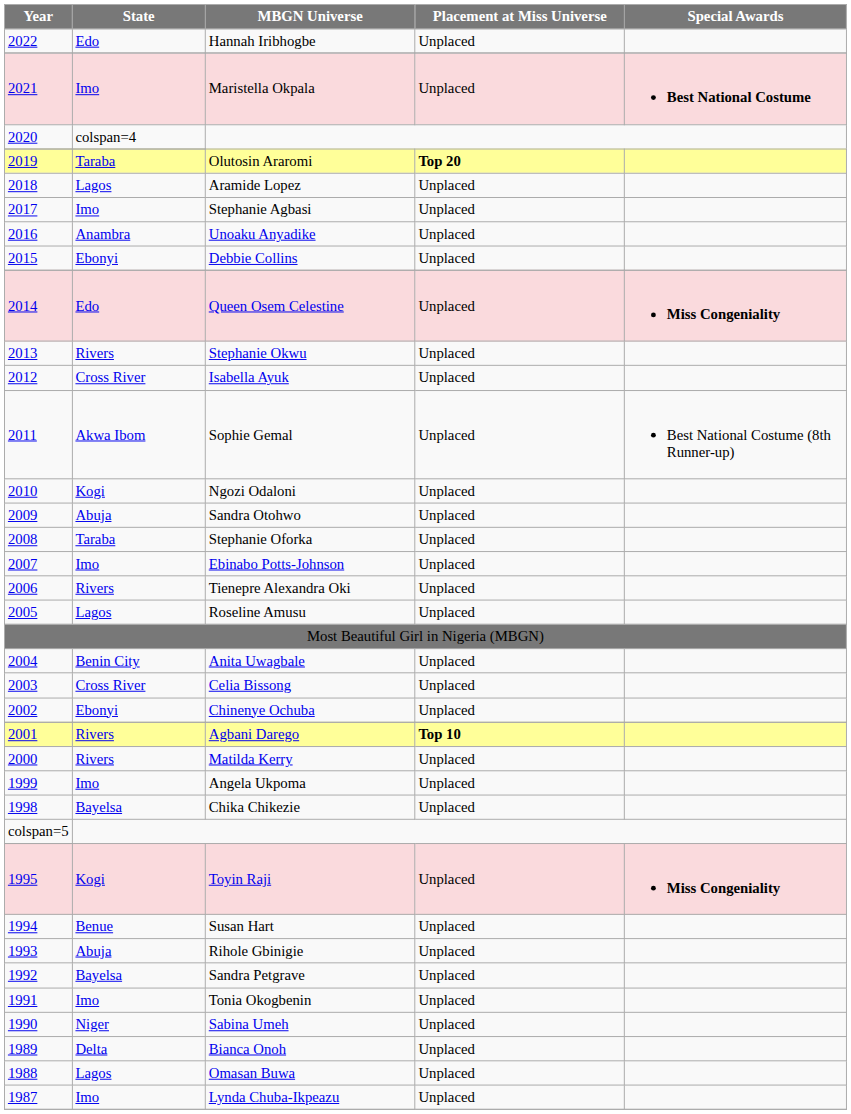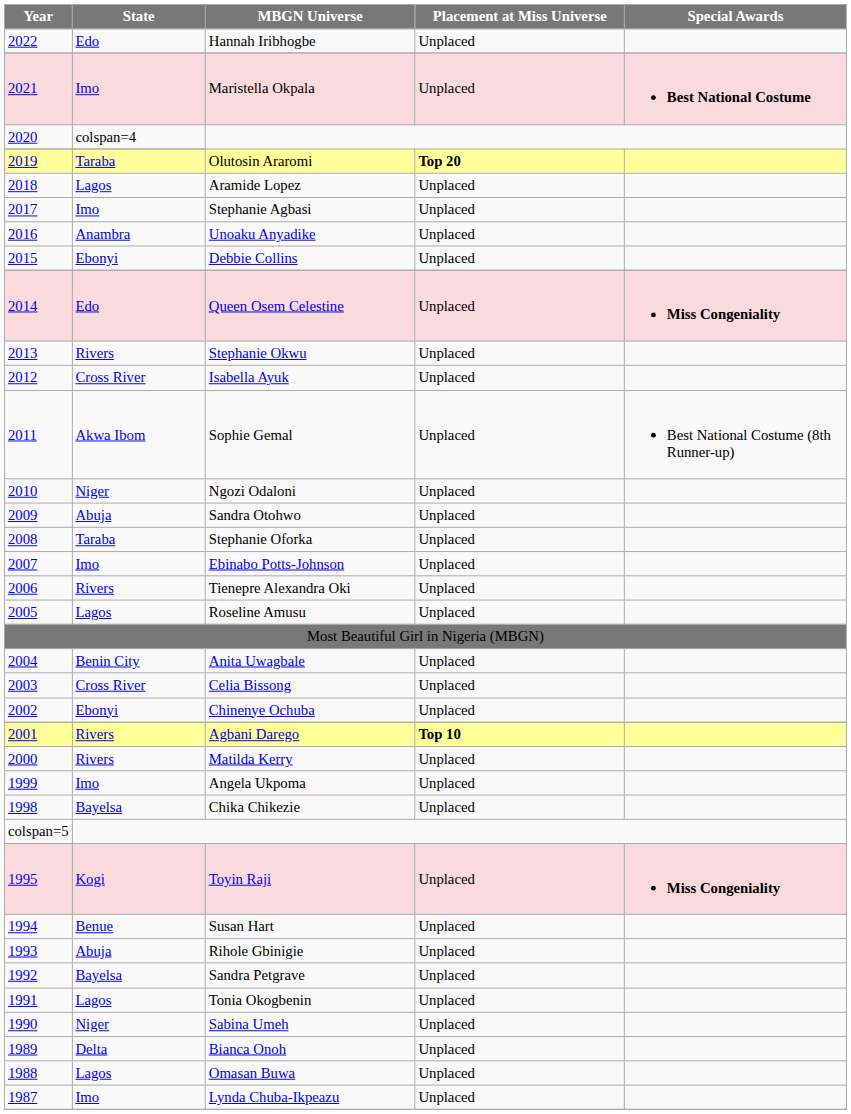 <table class="wikitable " style="font-size: 95%;">
 <tr>
 <th width="60" style="background-color:#787878;color:#FFFFFF;">Year</th>
 <th width="150" style="background-color:#787878;color:#FFFFFF;">State</th>
 <th width="250" style="background-color:#787878;color:#FFFFFF;">MBGN Universe</th>
 <th width="250" style="background-color:#787878;color:#FFFFFF;">Placement at Miss Universe</th>
 <th width="250" style="background-color:#787878;color:#FFFFFF;">Special Awards</th>
 </tr>
 <tr>
 <td><a href='#'>2022</a></td>
 <td><a href='#'>Edo</a></td>
 <td>Hannah Iribhogbe</td>
 <td>Unplaced</td>
 <td></td>
 </tr>
 <tr>
 </tr>
 <tr style="background-color:#FADADD;">
 <td><a href='#'>2021</a></td>
 <td><a href='#'>Imo</a></td>
 <td>Maristella Okpala</td>
 <td>Unplaced</td>
 <td align="left"><br><ul><li><strong>Best National Costume</strong></li></ul></td>
 </tr>
 <tr>
 <td><a href='#'>2020</a></td>
 <td>colspan=4 </td>
 </tr>
 <tr>
 </tr>
 <tr style="background-color:#FFFF99;">
 <td><a href='#'>2019</a></td>
 <td><a href='#'>Taraba</a></td>
 <td>Olutosin Araromi</td>
 <td><strong>Top 20</strong></td>
 <td></td>
 </tr>
 <tr>
 <td><a href='#'>2018</a></td>
 <td><a href='#'>Lagos</a></td>
 <td>Aramide Lopez</td>
 <td>Unplaced</td>
 <td></td>
 </tr>
 <tr>
 <td><a href='#'>2017</a></td>
 <td><a href='#'>Imo</a></td>
 <td>Stephanie Agbasi</td>
 <td>Unplaced</td>
 <td></td>
 </tr>
 <tr>
 <td><a href='#'>2016</a></td>
 <td><a href='#'>Anambra</a></td>
 <td><a href='#'>Unoaku Anyadike</a></td>
 <td>Unplaced</td>
 <td></td>
 </tr>
 <tr>
 <td><a href='#'>2015</a></td>
 <td><a href='#'>Ebonyi</a></td>
 <td><a href='#'>Debbie Collins</a></td>
 <td>Unplaced</td>
 <td></td>
 </tr>
 <tr>
 </tr>
 <tr style="background-color:#FADADD;">
 <td><a href='#'>2014</a></td>
 <td><a href='#'>Edo</a></td>
 <td><a href='#'>Queen Osem Celestine</a></td>
 <td>Unplaced</td>
 <td align="left"><br><ul><li><strong>Miss Congeniality</strong></li></ul></td>
 </tr>
 <tr>
 <td><a href='#'>2013</a></td>
 <td><a href='#'>Rivers</a></td>
 <td><a href='#'>Stephanie Okwu</a></td>
 <td>Unplaced</td>
 <td></td>
 </tr>
 <tr>
 <td><a href='#'>2012</a></td>
 <td><a href='#'>Cross River</a></td>
 <td><a href='#'>Isabella Ayuk</a></td>
 <td>Unplaced</td>
 <td></td>
 </tr>
 <tr>
 <td><a href='#'>2011</a></td>
 <td><a href='#'>Akwa Ibom</a></td>
 <td>Sophie Gemal</td>
 <td>Unplaced</td>
 <td align="left"><br><ul><li>Best National Costume (8th Runner-up)</li></ul></td>
 </tr>
 <tr>
 <td><a href='#'>2010</a></td>
-<td><a href='#'>Kogi</a></td>
+<td><a href='#'>Niger</a></td>
 <td>Ngozi Odaloni</td>
 <td>Unplaced</td>
 <td></td>
 </tr>
 <tr>
 <td><a href='#'>2009</a></td>
 <td><a href='#'>Abuja</a></td>
 <td>Sandra Otohwo</td>
 <td>Unplaced</td>
 <td></td>
 </tr>
 <tr>
 <td><a href='#'>2008</a></td>
 <td><a href='#'>Taraba</a></td>
 <td>Stephanie Oforka</td>
 <td>Unplaced</td>
 <td></td>
 </tr>
 <tr>
 <td><a href='#'>2007</a></td>
 <td><a href='#'>Imo</a></td>
 <td><a href='#'>Ebinabo Potts-Johnson</a></td>
 <td>Unplaced</td>
 <td></td>
 </tr>
 <tr>
 <td><a href='#'>2006</a></td>
 <td><a href='#'>Rivers</a></td>
 <td>Tienepre Alexandra Oki</td>
 <td>Unplaced</td>
 <td></td>
 </tr>
 <tr>
 <td><a href='#'>2005</a></td>
 <td><a href='#'>Lagos</a></td>
 <td>Roseline Amusu</td>
 <td>Unplaced</td>
 <td></td>
 </tr>
 <tr>
 </tr>
 <tr bgcolor="#787878" align="center">
 <td colspan="5"><span>Most Beautiful Girl in Nigeria (MBGN)</span></td>
 </tr>
 <tr>
 <td><a href='#'>2004</a></td>
 <td><a href='#'>Benin City</a></td>
 <td><a href='#'>Anita Uwagbale</a></td>
 <td>Unplaced</td>
 <td></td>
 </tr>
 <tr>
 <td><a href='#'>2003</a></td>
 <td><a href='#'>Cross River</a></td>
 <td><a href='#'>Celia Bissong</a></td>
 <td>Unplaced</td>
 <td></td>
 </tr>
 <tr>
 <td><a href='#'>2002</a></td>
 <td><a href='#'>Ebonyi</a></td>
 <td><a href='#'>Chinenye Ochuba</a></td>
 <td>Unplaced</td>
 <td></td>
 </tr>
 <tr>
 </tr>
 <tr style="background-color:#FFFF99;">
 <td><a href='#'>2001</a></td>
 <td><a href='#'>Rivers</a></td>
 <td><a href='#'>Agbani Darego</a></td>
 <td><strong>Top 10</strong></td>
 <td></td>
 </tr>
 <tr>
 <td><a href='#'>2000</a></td>
 <td><a href='#'>Rivers</a></td>
 <td><a href='#'>Matilda Kerry</a></td>
 <td>Unplaced</td>
 <td></td>
 </tr>
 <tr>
 <td><a href='#'>1999</a></td>
 <td><a href='#'>Imo</a></td>
 <td>Angela Ukpoma</td>
 <td>Unplaced</td>
 <td></td>
 </tr>
 <tr>
 <td><a href='#'>1998</a></td>
 <td><a href='#'>Bayelsa</a></td>
 <td>Chika Chikezie</td>
 <td>Unplaced</td>
 <td></td>
 </tr>
 <tr>
 <td>colspan=5 </td>
 </tr>
 <tr>
 </tr>
 <tr style="background-color:#FADADD;">
 <td><a href='#'>1995</a></td>
 <td><a href='#'>Kogi</a></td>
 <td><a href='#'>Toyin Raji</a></td>
 <td>Unplaced</td>
 <td align="left"><br><ul><li><strong>Miss Congeniality</strong></li></ul></td>
 </tr>
 <tr>
 <td><a href='#'>1994</a></td>
 <td><a href='#'>Benue</a></td>
 <td>Susan Hart</td>
 <td>Unplaced</td>
 <td></td>
 </tr>
 <tr>
 <td><a href='#'>1993</a></td>
 <td><a href='#'>Abuja</a></td>
 <td>Rihole Gbinigie</td>
 <td>Unplaced</td>
 <td></td>
 </tr>
 <tr>
 <td><a href='#'>1992</a></td>
 <td><a href='#'>Bayelsa</a></td>
 <td>Sandra Petgrave</td>
 <td>Unplaced</td>
 <td></td>
 </tr>
 <tr>
 <td><a href='#'>1991</a></td>
-<td><a href='#'>Imo</a></td>
+<td><a href='#'>Lagos</a></td>
 <td>Tonia Okogbenin</td>
 <td>Unplaced</td>
 <td></td>
 </tr>
 <tr>
 <td><a href='#'>1990</a></td>
 <td><a href='#'>Niger</a></td>
 <td><a href='#'>Sabina Umeh</a></td>
 <td>Unplaced</td>
 <td></td>
 </tr>
 <tr>
 <td><a href='#'>1989</a></td>
 <td><a href='#'>Delta</a></td>
 <td><a href='#'>Bianca Onoh</a></td>
 <td>Unplaced</td>
 <td></td>
 </tr>
 <tr>
 <td><a href='#'>1988</a></td>
 <td><a href='#'>Lagos</a></td>
 <td><a href='#'>Omasan Buwa</a></td>
 <td>Unplaced</td>
 <td></td>
 </tr>
 <tr>
 <td><a href='#'>1987</a></td>
 <td><a href='#'>Imo</a></td>
 <td><a href='#'>Lynda Chuba-Ikpeazu</a></td>
 <td>Unplaced</td>
 <td></td>
 </tr>
 <tr>
 </tr>
 </table>
